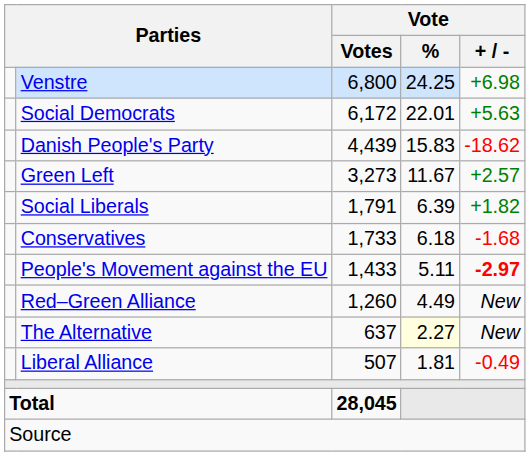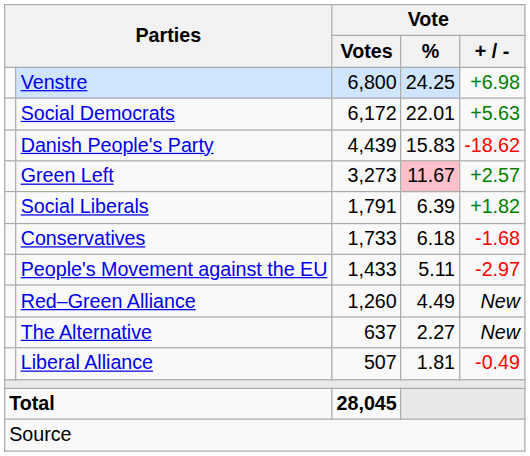 <table class="wikitable" style="text-align:right;">
 <tr>
 <th style="text-align:centre;" rowspan="2" colspan="2" width="225">Parties</th>
 <th colspan="3">Vote</th>
 </tr>
 <tr>
 <th width="15">Votes</th>
 <th width="15">%</th>
 <th width="15">+ / -</th>
 </tr>
 <tr>
 <td width="2" style="color:inherit;background:"></td>
 <td bgcolor=#cfe5fe   align="left"><a href='#'>Venstre</a></td>
 <td bgcolor=#cfe5fe>6,800</td>
 <td bgcolor=#cfe5fe>24.25</td>
 <td style=color:green;>+6.98</td>
 </tr>
 <tr>
 <td width="2" style="color:inherit;background:"></td>
 <td align="left"><a href='#'>Social Democrats</a></td>
 <td>6,172</td>
 <td>22.01</td>
 <td style=color:green;>+5.63</td>
 </tr>
 <tr>
 <td width="2" style="color:inherit;background:"></td>
 <td align="left"><a href='#'>Danish People's Party</a></td>
 <td>4,439</td>
 <td>15.83</td>
 <td style=color:red;>-18.62</td>
 </tr>
 <tr>
 <td width="2" style="color:inherit;background:"></td>
 <td align="left"><a href='#'>Green Left</a></td>
 <td>3,273</td>
-<td>11.67</td>
+<td style="background: pink;">11.67</td>
 <td style=color:green;>+2.57</td>
 </tr>
 <tr>
 <td width="2" style="color:inherit;background:"></td>
 <td align="left"><a href='#'>Social Liberals</a></td>
 <td>1,791</td>
 <td>6.39</td>
 <td style=color:green;>+1.82</td>
 </tr>
 <tr>
 <td width="2" style="color:inherit;background:"></td>
 <td align="left"><a href='#'>Conservatives</a></td>
 <td>1,733</td>
 <td>6.18</td>
 <td style=color:red;>-1.68</td>
 </tr>
 <tr>
 <td width="2" style="color:inherit;background:"></td>
 <td align="left"><a href='#'>People's Movement against the EU</a></td>
 <td>1,433</td>
 <td>5.11</td>
-<td style=color:red;><strong>-2.97</strong></td>
+<td style=color:red;>-2.97</td>
 </tr>
 <tr>
 <td width="2" style="color:inherit;background:"></td>
 <td align="left"><a href='#'>Red–Green Alliance</a></td>
 <td>1,260</td>
 <td>4.49</td>
 <td><em>New</em></td>
 </tr>
 <tr>
 <td width="2" style="color:inherit;background:"></td>
 <td align="left"><a href='#'>The Alternative</a></td>
 <td>637</td>
-<td style="background: lightyellow;">2.27</td>
+<td>2.27</td>
 <td><em>New</em></td>
 </tr>
 <tr>
 <td width="2" style="color:inherit;background:"></td>
 <td align="left"><a href='#'>Liberal Alliance</a></td>
 <td>507</td>
 <td>1.81</td>
 <td style=color:red;>-0.49</td>
 </tr>
 <tr>
 <td colspan="7" bgcolor="#E9E9E9"></td>
 </tr>
 <tr>
 <td align="left" colspan="2"><strong>Total</strong></td>
 <td><strong>28,045</strong></td>
 <td bgcolor="#E9E9E9" colspan="2"></td>
 </tr>
 <tr>
 <td align="left" colspan="6">Source</td>
 </tr>
 </table>
